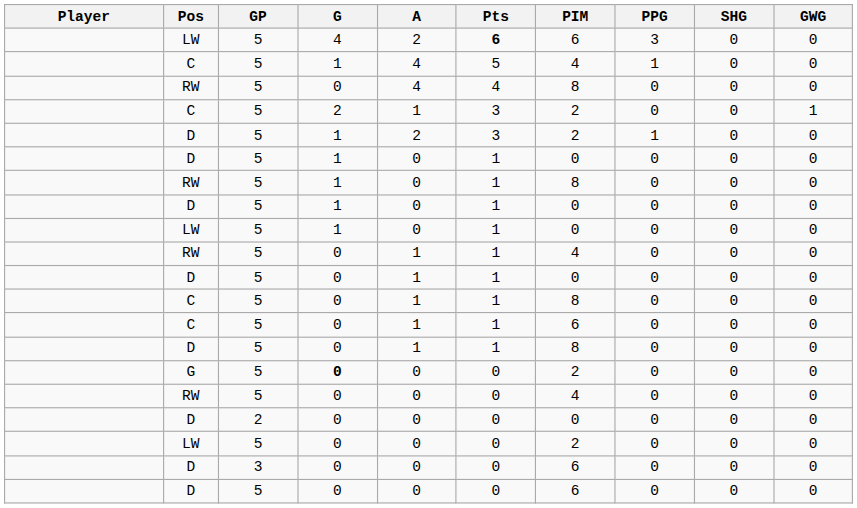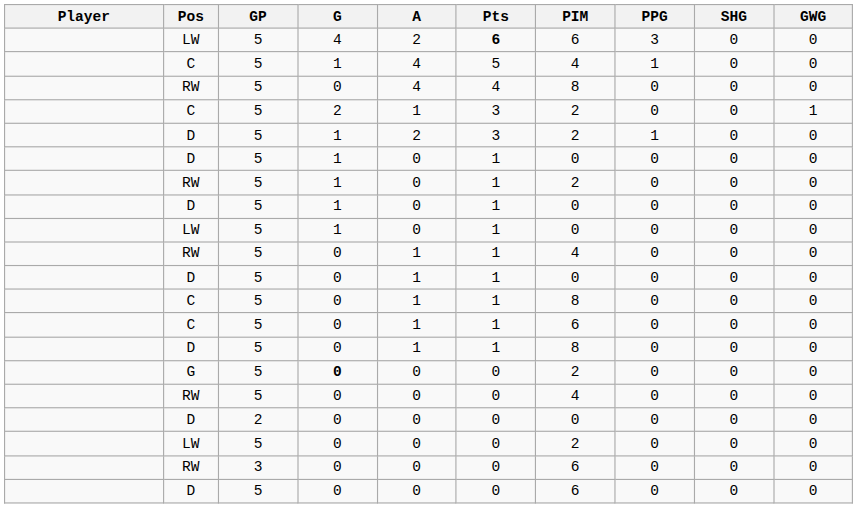 <table class="wikitable sortable" width="60%">
 <tr ALIGN="center">
 <th bgcolor="#DDDDFF" width="10%">Player</th>
 <th bgcolor="#DDDDFF" width="3%" title="Position">Pos</th>
 <th bgcolor="#DDDDFF" width="5%" title="Games played">GP</th>
 <th bgcolor="#DDDDFF" width="5%" title="Goals">G</th>
 <th bgcolor="#DDDDFF" width="5%" title="Assists">A</th>
 <th bgcolor="#DDDDFF" width="5%" title="Points">Pts</th>
 <th bgcolor="#DDDDFF" width="5%" title="Penalties in Minutes">PIM</th>
 <th bgcolor="#DDDDFF" width="5%" title="Power Play Goals">PPG</th>
 <th bgcolor="#DDDDFF" width="5%" title="Short-handed Goals">SHG</th>
 <th bgcolor="#DDDDFF" width="5%" title="Game-winning Goals">GWG</th>
 </tr>
 <tr align="center">
 <td align="right"></td>
 <td>LW</td>
 <td>5</td>
 <td>4</td>
 <td>2</td>
 <td><strong>6</strong></td>
 <td>6</td>
 <td>3</td>
 <td>0</td>
 <td>0</td>
 </tr>
 <tr align="center">
 <td align="right"></td>
 <td>C</td>
 <td>5</td>
 <td>1</td>
 <td>4</td>
 <td>5</td>
 <td>4</td>
 <td>1</td>
 <td>0</td>
 <td>0</td>
 </tr>
 <tr align="center">
 <td align="right"></td>
 <td>RW</td>
 <td>5</td>
 <td>0</td>
 <td>4</td>
 <td>4</td>
 <td>8</td>
 <td>0</td>
 <td>0</td>
 <td>0</td>
 </tr>
 <tr align="center">
 <td align="right"></td>
 <td>C</td>
 <td>5</td>
 <td>2</td>
 <td>1</td>
 <td>3</td>
 <td>2</td>
 <td>0</td>
 <td>0</td>
 <td>1</td>
 </tr>
 <tr align="center">
 <td align="right"></td>
 <td>D</td>
 <td>5</td>
 <td>1</td>
 <td>2</td>
 <td>3</td>
 <td>2</td>
 <td>1</td>
 <td>0</td>
 <td>0</td>
 </tr>
 <tr align="center">
 <td align="right"></td>
 <td>D</td>
 <td>5</td>
 <td>1</td>
 <td>0</td>
 <td>1</td>
 <td>0</td>
 <td>0</td>
 <td>0</td>
 <td>0</td>
 </tr>
 <tr align="center">
 <td align="right"></td>
 <td>RW</td>
 <td>5</td>
 <td>1</td>
 <td>0</td>
 <td>1</td>
-<td>8</td>
+<td>2</td>
 <td>0</td>
 <td>0</td>
 <td>0</td>
 </tr>
 <tr align="center">
 <td align="right"></td>
 <td>D</td>
 <td>5</td>
 <td>1</td>
 <td>0</td>
 <td>1</td>
 <td>0</td>
 <td>0</td>
 <td>0</td>
 <td>0</td>
 </tr>
 <tr align="center">
 <td align="right"></td>
 <td>LW</td>
 <td>5</td>
 <td>1</td>
 <td>0</td>
 <td>1</td>
 <td>0</td>
 <td>0</td>
 <td>0</td>
 <td>0</td>
 </tr>
 <tr align="center">
 <td align="right"></td>
 <td>RW</td>
 <td>5</td>
 <td>0</td>
 <td>1</td>
 <td>1</td>
 <td>4</td>
 <td>0</td>
 <td>0</td>
 <td>0</td>
 </tr>
 <tr align="center">
 <td align="right"></td>
 <td>D</td>
 <td>5</td>
 <td>0</td>
 <td>1</td>
 <td>1</td>
 <td>0</td>
 <td>0</td>
 <td>0</td>
 <td>0</td>
 </tr>
 <tr align="center">
 <td align="right"></td>
 <td>C</td>
 <td>5</td>
 <td>0</td>
 <td>1</td>
 <td>1</td>
 <td>8</td>
 <td>0</td>
 <td>0</td>
 <td>0</td>
 </tr>
 <tr align="center">
 <td align="right"></td>
 <td>C</td>
 <td>5</td>
 <td>0</td>
 <td>1</td>
 <td>1</td>
 <td>6</td>
 <td>0</td>
 <td>0</td>
 <td>0</td>
 </tr>
 <tr align="center">
 <td align="right"></td>
 <td>D</td>
 <td>5</td>
 <td>0</td>
 <td>1</td>
 <td>1</td>
 <td>8</td>
 <td>0</td>
 <td>0</td>
 <td>0</td>
 </tr>
 <tr align="center">
 <td align="right"></td>
 <td>G</td>
 <td>5</td>
 <td><strong>0</strong></td>
 <td>0</td>
 <td>0</td>
 <td>2</td>
 <td>0</td>
 <td>0</td>
 <td>0</td>
 </tr>
 <tr align="center">
 <td align="right"></td>
 <td>RW</td>
 <td>5</td>
 <td>0</td>
 <td>0</td>
 <td>0</td>
 <td>4</td>
 <td>0</td>
 <td>0</td>
 <td>0</td>
 </tr>
 <tr align="center">
 <td align="right"></td>
 <td>D</td>
 <td>2</td>
 <td>0</td>
 <td>0</td>
 <td>0</td>
 <td>0</td>
 <td>0</td>
 <td>0</td>
 <td>0</td>
 </tr>
 <tr align="center">
 <td align="right"></td>
 <td>LW</td>
 <td>5</td>
 <td>0</td>
 <td>0</td>
 <td>0</td>
 <td>2</td>
 <td>0</td>
 <td>0</td>
 <td>0</td>
 </tr>
 <tr align="center">
 <td align="right"></td>
-<td>D</td>
+<td>RW</td>
 <td>3</td>
 <td>0</td>
 <td>0</td>
 <td>0</td>
 <td>6</td>
 <td>0</td>
 <td>0</td>
 <td>0</td>
 </tr>
 <tr align="center">
 <td align="right"></td>
 <td>D</td>
 <td>5</td>
 <td>0</td>
 <td>0</td>
 <td>0</td>
 <td>6</td>
 <td>0</td>
 <td>0</td>
 <td>0</td>
 </tr>
 </table>
